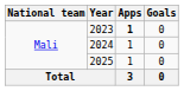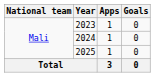 <table class=wikitable style="text-align:center">
 <tr>
 <th>National team</th>
 <th>Year</th>
 <th>Apps</th>
 <th>Goals</th>
 </tr>
 <tr>
 <td rowspan="3"><a href='#'>Mali</a></td>
 <td>2023</td>
-<td><strong>1</strong></td>
+<td>1</td>
 <td>0</td>
 </tr>
 <tr>
 <td>2024</td>
 <td>1</td>
 <td>0</td>
 </tr>
 <tr>
 <td>2025</td>
 <td>1</td>
 <td>0</td>
 </tr>
 <tr>
 <th colspan="2">Total</th>
 <th>3</th>
 <th>0</th>
 </tr>
 </table>
